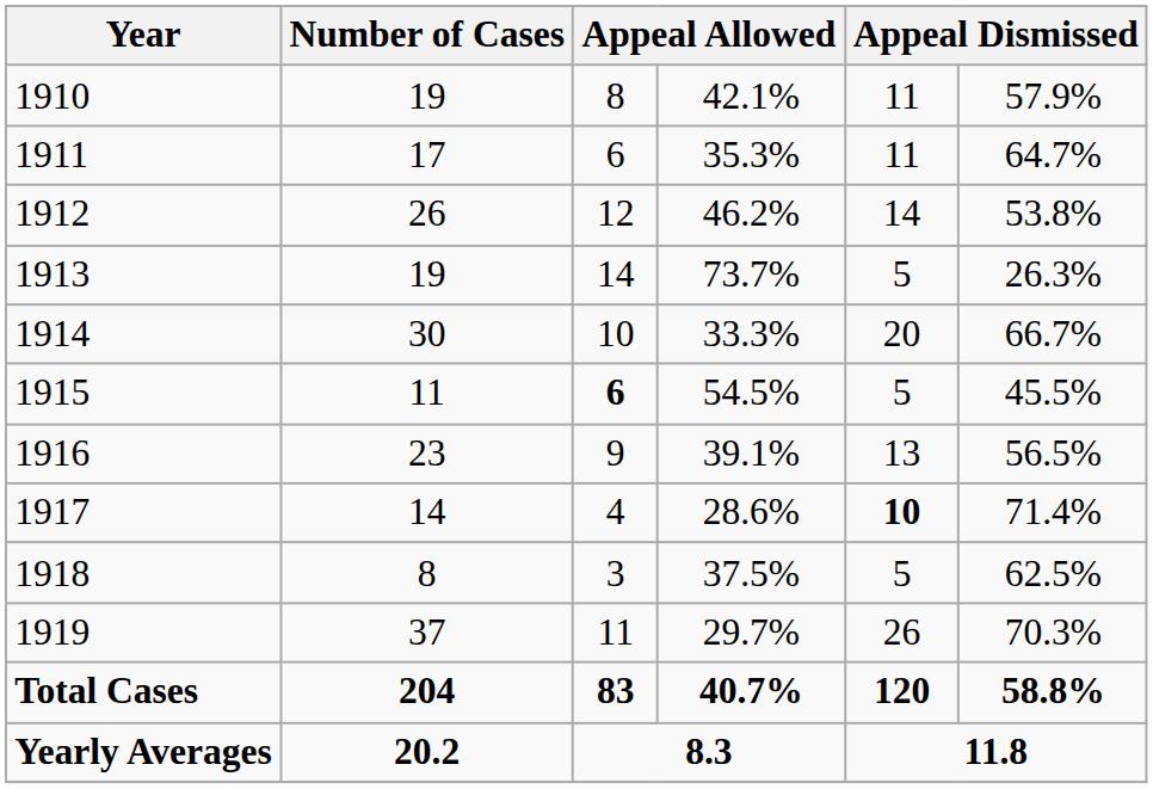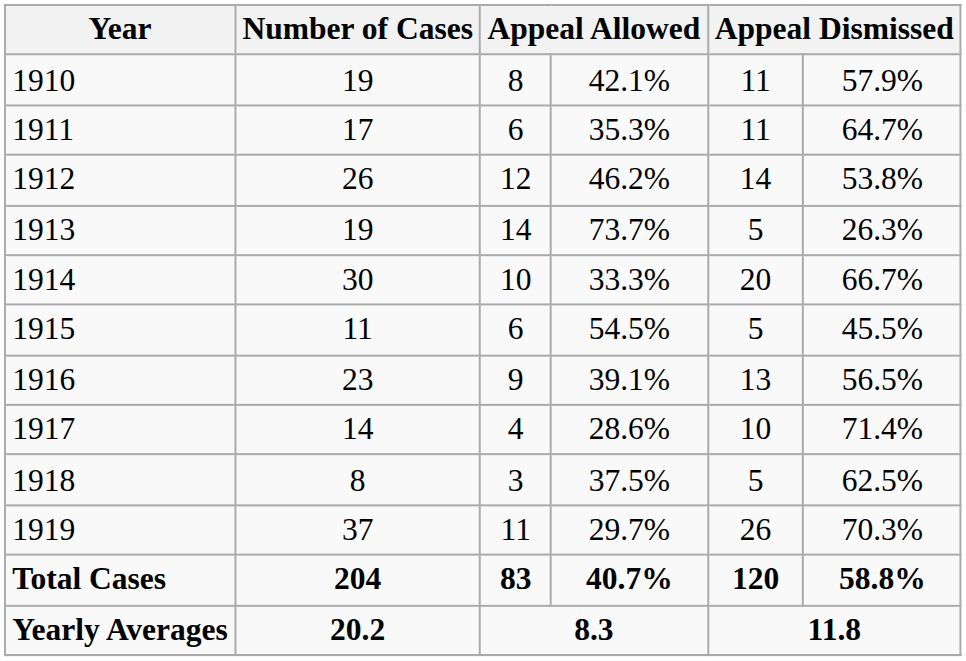 <table class="wikitable sortable">
 <tr>
 <th>Year</th>
 <th>Number of Cases</th>
 <th colspan=2>Appeal Allowed</th>
 <th colspan=2>Appeal Dismissed</th>
 </tr>
 <tr>
 <td>1910</td>
 <td style="text-align: center;">19</td>
 <td style="text-align: center;">8</td>
 <td style="text-align: center;">42.1%</td>
 <td style="text-align: center;">11</td>
 <td style="text-align: center;">57.9%</td>
 </tr>
 <tr>
 <td>1911</td>
 <td style="text-align: center;">17</td>
 <td style="text-align: center;">6</td>
 <td style="text-align: center;">35.3%</td>
 <td style="text-align: center;">11</td>
 <td style="text-align: center;">64.7%</td>
 </tr>
 <tr>
 <td>1912</td>
 <td style="text-align: center;">26</td>
 <td style="text-align: center;">12</td>
 <td style="text-align: center;">46.2%</td>
 <td style="text-align: center;">14</td>
 <td style="text-align: center;">53.8%</td>
 </tr>
 <tr>
 <td>1913</td>
 <td style="text-align: center;">19</td>
 <td style="text-align: center;">14</td>
 <td style="text-align: center;">73.7%</td>
 <td style="text-align: center;">5</td>
 <td style="text-align: center;">26.3%</td>
 </tr>
 <tr>
 <td>1914</td>
 <td style="text-align: center;">30</td>
 <td style="text-align: center;">10</td>
 <td style="text-align: center;">33.3%</td>
 <td style="text-align: center;">20</td>
 <td style="text-align: center;">66.7%</td>
 </tr>
 <tr>
 <td>1915</td>
 <td style="text-align: center;">11</td>
-<td style="text-align: center;"><strong>6</strong></td>
+<td style="text-align: center;">6</td>
 <td style="text-align: center;">54.5%</td>
 <td style="text-align: center;">5</td>
 <td style="text-align: center;">45.5%</td>
 </tr>
 <tr>
 <td>1916</td>
 <td style="text-align: center;">23</td>
 <td style="text-align: center;">9</td>
 <td style="text-align: center;">39.1%</td>
 <td style="text-align: center;">13</td>
 <td style="text-align: center;">56.5%</td>
 </tr>
 <tr>
 <td>1917</td>
 <td style="text-align: center;">14</td>
 <td style="text-align: center;">4</td>
 <td style="text-align: center;">28.6%</td>
-<td style="text-align: center;"><strong>10</strong></td>
+<td style="text-align: center;">10</td>
 <td style="text-align: center;">71.4%</td>
 </tr>
 <tr>
 <td>1918</td>
 <td style="text-align: center;">8</td>
 <td style="text-align: center;">3</td>
 <td style="text-align: center;">37.5%</td>
 <td style="text-align: center;">5</td>
 <td style="text-align: center;">62.5%</td>
 </tr>
 <tr>
 <td>1919</td>
 <td style="text-align: center;">37</td>
 <td style="text-align: center;">11</td>
 <td style="text-align: center;">29.7%</td>
 <td style="text-align: center;">26</td>
 <td style="text-align: center;">70.3%</td>
 </tr>
 <tr>
 <td><strong>Total Cases</strong></td>
 <td style="text-align: center;"><strong>204</strong></td>
 <td style="text-align: center;"><strong>83</strong></td>
 <td style="text-align: center;"><strong>40.7%</strong></td>
 <td style="text-align: center;"><strong>120</strong></td>
 <td style="text-align: center;"><strong>58.8%</strong></td>
 </tr>
 <tr>
 <td><strong>Yearly Averages</strong></td>
 <td style="text-align: center;"><strong>20.2</strong></td>
 <td colspan=2 style="text-align:center;"><strong>8.3</strong></td>
 <td colspan=2 style="text-align:center;"><strong>11.8</strong></td>
 </tr>
 <tr>
 </tr>
 </table>
